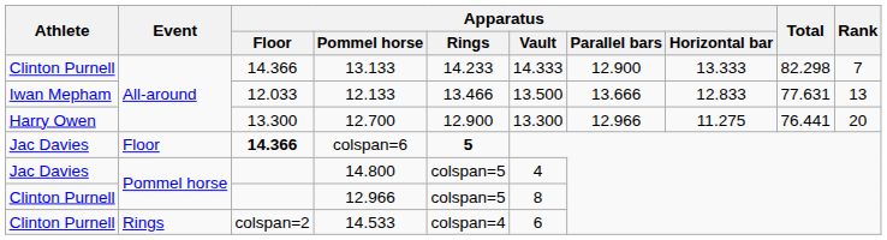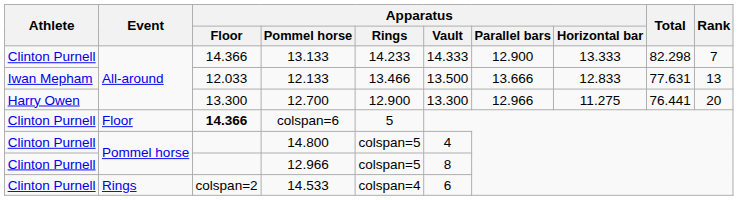 <table class="wikitable" style="font-size:90%">
 <tr>
 <th rowspan=2>Athlete</th>
 <th rowspan=2>Event</th>
 <th colspan=6>Apparatus</th>
 <th rowspan=2>Total</th>
 <th rowspan=2>Rank</th>
 </tr>
 <tr style="font-size:95%">
 <th>Floor</th>
 <th>Pommel horse</th>
 <th>Rings</th>
 <th>Vault</th>
 <th>Parallel bars</th>
 <th>Horizontal bar</th>
 </tr>
 <tr align=center>
 <td align=left><a href='#'>Clinton Purnell</a></td>
 <td align=left rowspan=3><a href='#'>All-around</a></td>
 <td>14.366</td>
 <td>13.133</td>
 <td>14.233</td>
 <td>14.333</td>
 <td>12.900</td>
 <td>13.333</td>
 <td>82.298</td>
 <td>7</td>
 </tr>
 <tr align=center>
 <td align=left><a href='#'>Iwan Mepham</a></td>
 <td>12.033</td>
 <td>12.133</td>
 <td>13.466</td>
 <td>13.500</td>
 <td>13.666</td>
 <td>12.833</td>
 <td>77.631</td>
 <td>13</td>
 </tr>
 <tr align=center>
 <td align=left><a href='#'>Harry Owen</a></td>
 <td>13.300</td>
 <td>12.700</td>
 <td>12.900</td>
 <td>13.300</td>
 <td>12.966</td>
 <td>11.275</td>
 <td>76.441</td>
 <td>20</td>
 </tr>
 <tr align=center>
-<td align=left><a href='#'>Jac Davies</a></td>
+<td align=left><a href='#'>Clinton Purnell</a></td>
 <td align=left><a href='#'>Floor</a></td>
 <td><strong>14.366</strong></td>
 <td>colspan=6 </td>
-<td><strong>5</strong></td>
+<td>5</td>
 </tr>
 <tr align=center>
-<td align=left><a href='#'>Jac Davies</a></td>
+<td align=left><a href='#'>Clinton Purnell</a></td>
 <td align=left rowspan=2><a href='#'>Pommel horse</a></td>
 <td></td>
 <td>14.800</td>
 <td>colspan=5 </td>
 <td>4</td>
 </tr>
 <tr align=center>
 <td align=left><a href='#'>Clinton Purnell</a></td>
 <td></td>
 <td>12.966</td>
 <td>colspan=5 </td>
 <td>8</td>
 </tr>
 <tr align=center>
 <td align=left><a href='#'>Clinton Purnell</a></td>
 <td align=left><a href='#'>Rings</a></td>
 <td>colspan=2 </td>
 <td>14.533</td>
 <td>colspan=4 </td>
 <td>6</td>
 </tr>
 </table>
